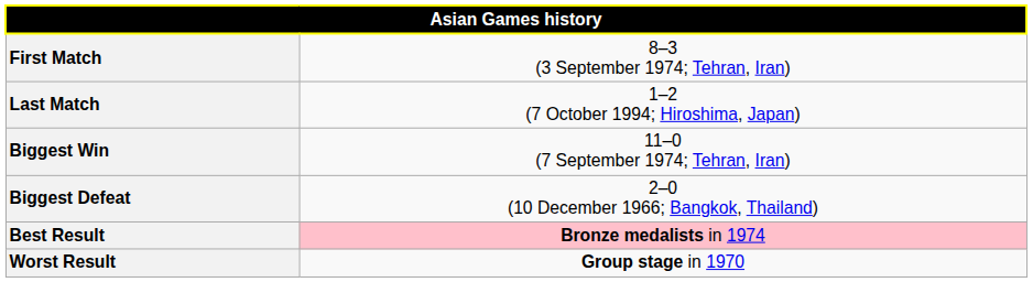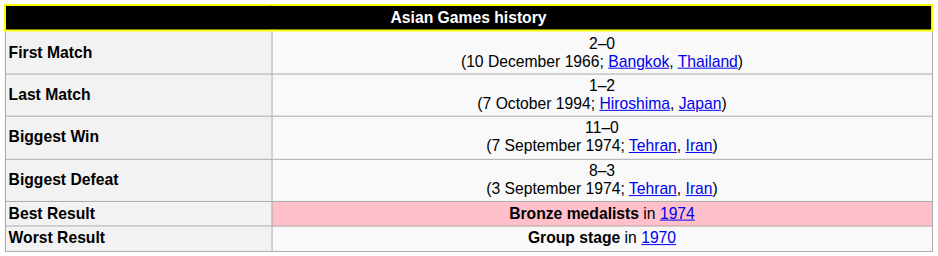 <table class="wikitable" width=75% style="text-align:center;font-size:100%;">
 <tr>
 <th colspan=6 style="background: #000000; color: #FFFFFF; border:2px solid #FFFF00;">Asian Games history</th>
 </tr>
 <tr>
 <th style="text-align: left;">First Match</th>
-<td> 8–3 <br> (3 September 1974; <a href='#'>Tehran</a>, <a href='#'>Iran</a>)</td>
+<td> 2–0 <br> (10 December 1966; <a href='#'>Bangkok</a>, <a href='#'>Thailand</a>)</td>
 </tr>
 <tr>
 <th style="text-align: left;">Last Match</th>
 <td> 1–2 <br> (7 October 1994; <a href='#'>Hiroshima</a>, <a href='#'>Japan</a>)</td>
 </tr>
 <tr>
 <th style="text-align: left;">Biggest Win</th>
 <td> 11–0 <br> (7 September 1974; <a href='#'>Tehran</a>, <a href='#'>Iran</a>)</td>
 </tr>
 <tr>
 <th style="text-align: left;">Biggest Defeat</th>
-<td> 2–0 <br> (10 December 1966; <a href='#'>Bangkok</a>, <a href='#'>Thailand</a>)</td>
+<td> 8–3 <br> (3 September 1974; <a href='#'>Tehran</a>, <a href='#'>Iran</a>)</td>
 </tr>
 <tr>
 <th style="text-align: left;">Best Result</th>
 <td style="background: pink;"><strong>Bronze medalists</strong> in <a href='#'>1974</a></td>
 </tr>
 <tr>
 <th style="text-align: left;">Worst Result</th>
 <td><strong>Group stage</strong> in <a href='#'>1970</a></td>
 </tr>
 </table>
